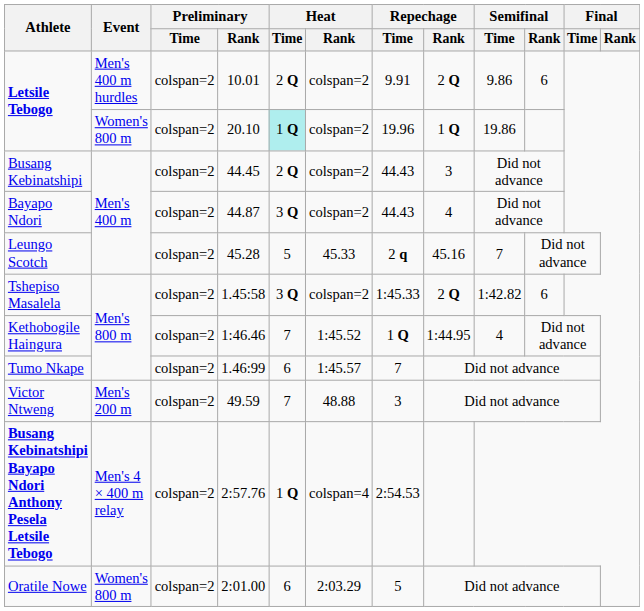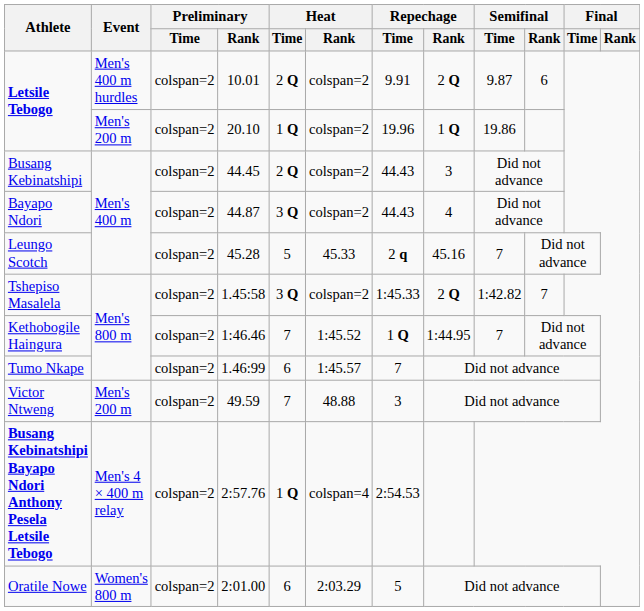 <table class="wikitable" style="font-size:90%">
 <tr>
 <th rowspan=2>Athlete</th>
 <th rowspan=2>Event</th>
 <th colspan=2>Preliminary</th>
 <th colspan=2>Heat</th>
 <th colspan=2>Repechage</th>
 <th colspan=2>Semifinal</th>
 <th colspan=2>Final</th>
 </tr>
 <tr style=font-size:95%>
 <th>Time</th>
 <th>Rank</th>
 <th>Time</th>
 <th>Rank</th>
 <th>Time</th>
 <th>Rank</th>
 <th>Time</th>
 <th>Rank</th>
 <th>Time</th>
 <th>Rank</th>
 </tr>
 <tr align=center>
 <td align=left rowspan=2><strong><a href='#'>Letsile Tebogo</a></strong></td>
 <td align=left><a href='#'>Men's 400 m hurdles</a></td>
 <td>colspan=2 </td>
 <td>10.01</td>
 <td>2 <strong>Q</strong></td>
 <td>colspan=2 </td>
 <td>9.91</td>
 <td>2 <strong>Q</strong></td>
-<td>9.86 </td>
+<td>9.87 </td>
 <td>6</td>
 </tr>
 <tr align=center>
-<td align=left><a href='#'>Women's 800 m</a></td>
+<td align=left><a href='#'>Men's 200 m</a></td>
 <td>colspan=2 </td>
 <td>20.10</td>
-<td style="background: paleturquoise;">1 <strong>Q</strong></td>
+<td>1 <strong>Q</strong></td>
 <td>colspan=2 </td>
 <td>19.96</td>
 <td>1 <strong>Q</strong></td>
 <td>19.86 </td>
 <td></td>
 </tr>
 <tr align=center>
 <td align=left><a href='#'>Busang Kebinatshipi</a></td>
 <td align=left rowspan=3><a href='#'>Men's 400 m</a></td>
 <td>colspan=2 </td>
 <td>44.45 </td>
 <td>2 <strong>Q</strong></td>
 <td>colspan=2 </td>
 <td>44.43 </td>
 <td>3</td>
 <td colspan=2>Did not advance</td>
 </tr>
 <tr align=center>
 <td align=left><a href='#'>Bayapo Ndori</a></td>
 <td>colspan=2 </td>
 <td>44.87</td>
 <td>3 <strong>Q</strong></td>
 <td>colspan=2 </td>
 <td>44.43</td>
 <td>4</td>
 <td colspan=2>Did not advance</td>
 </tr>
 <tr align=center>
 <td align=left><a href='#'>Leungo Scotch</a></td>
 <td>colspan=2 </td>
 <td>45.28</td>
 <td>5</td>
 <td>45.33</td>
 <td>2 <strong>q</strong></td>
 <td>45.16</td>
 <td>7</td>
 <td colspan=2>Did not advance</td>
 </tr>
 <tr align=center>
 <td align=left><a href='#'>Tshepiso Masalela</a></td>
 <td align=left rowspan=3><a href='#'>Men's 800 m</a></td>
 <td>colspan=2 </td>
 <td>1.45:58</td>
 <td>3 <strong>Q</strong></td>
 <td>colspan=2 </td>
 <td>1:45.33</td>
 <td>2 <strong>Q</strong></td>
 <td>1:42.82 </td>
-<td>6</td>
+<td>7</td>
 </tr>
 <tr align=center>
 <td align=left><a href='#'>Kethobogile Haingura</a></td>
 <td>colspan=2 </td>
 <td>1:46.46</td>
 <td>7</td>
 <td>1:45.52</td>
 <td>1 <strong>Q</strong></td>
 <td>1:44.95</td>
-<td>4</td>
+<td>7</td>
 <td colspan=2>Did not advance</td>
 </tr>
 <tr align=center>
 <td align=left><a href='#'>Tumo Nkape</a></td>
 <td>colspan=2 </td>
 <td>1.46:99</td>
 <td>6</td>
 <td>1:45.57</td>
 <td>7</td>
 <td colspan=4>Did not advance</td>
 </tr>
 <tr align=center>
 <td align=left><a href='#'>Victor Ntweng</a></td>
 <td align=left><a href='#'>Men's 200 m</a></td>
 <td>colspan=2 </td>
 <td>49.59</td>
 <td>7</td>
 <td>48.88</td>
 <td>3</td>
 <td colspan=4>Did not advance</td>
 </tr>
 <tr align=center>
 <td align=left><strong><a href='#'>Busang Kebinatshipi</a><br><a href='#'>Bayapo Ndori</a><br><a href='#'>Anthony Pesela</a><br><a href='#'>Letsile Tebogo</a></strong></td>
 <td align=left><a href='#'>Men's 4 × 400 m relay</a></td>
 <td>colspan=2 </td>
 <td>2:57.76 </td>
 <td>1 <strong>Q</strong></td>
 <td>colspan=4 </td>
 <td>2:54.53 <strong></strong></td>
 <td></td>
 </tr>
 <tr align=center>
 <td align=left><a href='#'>Oratile Nowe</a></td>
 <td align=left><a href='#'>Women's 800 m</a></td>
 <td>colspan=2 </td>
 <td>2:01.00</td>
 <td>6</td>
 <td>2:03.29</td>
 <td>5</td>
 <td colspan=4>Did not advance</td>
 </tr>
 </table>
